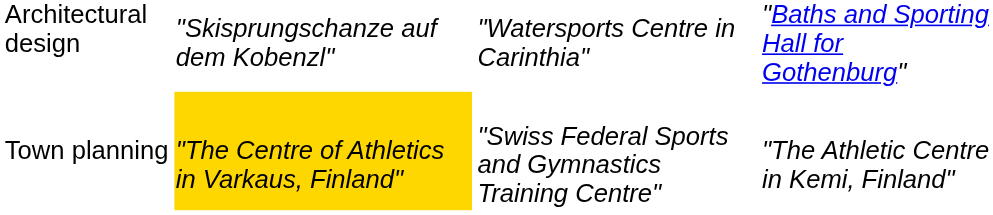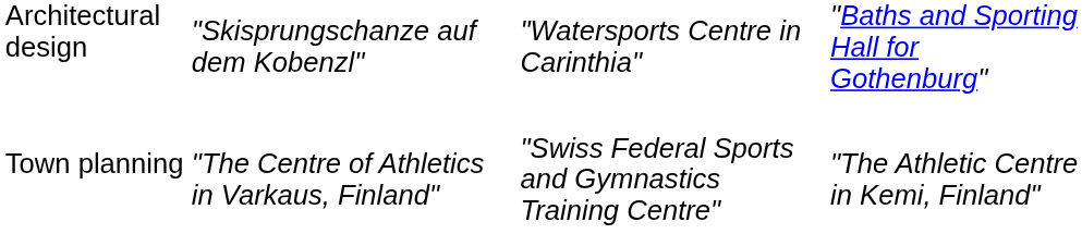 <table style="width:100%" >
 <tr>
 <td>Architectural design</td>
 <td><br><em>"Skisprungschanze auf dem Kobenzl"</em></td>
 <td><br><em>"Watersports Centre in Carinthia"</em></td>
 <td><br><em>"<a href='#'>Baths and Sporting Hall for Gothenburg</a>"</em></td>
 </tr>
 <tr>
 <td>Town planning</td>
-<td style="background: gold;"><br><em>"The Centre of Athletics in Varkaus, Finland"</em></td>
+<td><br><em>"The Centre of Athletics in Varkaus, Finland"</em></td>
 <td><br><em>"Swiss Federal Sports and Gymnastics Training Centre"</em></td>
 <td><br><em>"The Athletic Centre in Kemi, Finland"</em></td>
 </tr>
 </table>
